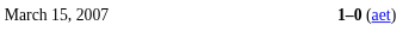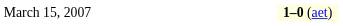 <table width=100% cellspacing=1>
 <tr>
 <th width=120></th>
 <th width=220></th>
 <th width=70></th>
 <th width=220></th>
 <th></th>
 </tr>
 <tr>
 <td align=right>March 15, 2007</td>
 <td align=right><strong></strong></td>
-<td align=center><strong>1–0</strong> (<a href='#'>aet</a>)</td>
+<td align=center style="background: lightyellow;"><strong>1–0</strong> (<a href='#'>aet</a>)</td>
 <td><strong></strong></td>
 </tr>
 </table>
